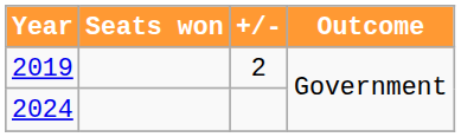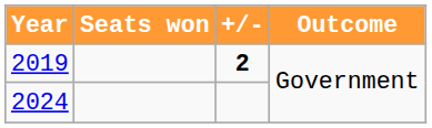 <table class="wikitable sortable">
 <tr>
 <th style="background-color:#FF9933; color:white">Year</th>
 <th style="background-color:#FF9933; color:white">Seats won</th>
 <th style="background-color:#FF9933; color:white">+/-</th>
 <th style="background-color:#FF9933; color:white">Outcome</th>
 </tr>
 <tr style="text-align:center;">
 <td><a href='#'>2019</a></td>
 <td></td>
-<td> 2</td>
+<td><strong> 2</strong></td>
 <td rowspan="2">Government</td>
 </tr>
 <tr style="text-align:center;">
 <td><a href='#'>2024</a></td>
 <td></td>
 <td></td>
 </tr>
 </table>
